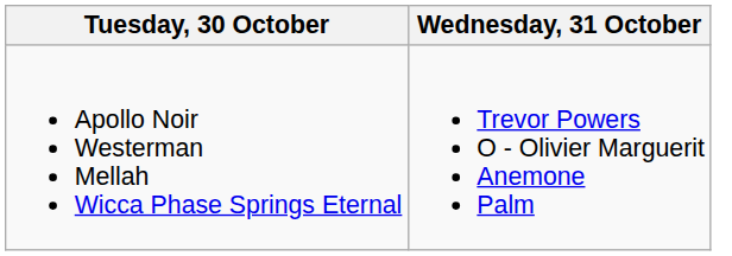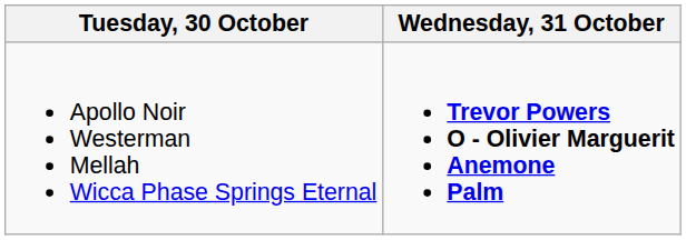 <table class="wikitable">
 <tr>
 <th>Tuesday, 30 October</th>
 <th>Wednesday, 31 October</th>
 </tr>
 <tr valign="top">
 <td><br><ul><li>Apollo Noir</li><li>Westerman</li><li>Mellah</li><li><a href='#'>Wicca Phase Springs Eternal</a></li></ul></td>
-<td><br><ul><li><a href='#'>Trevor Powers</a></li><li>O - Olivier Marguerit</li><li><a href='#'>Anemone</a></li><li><a href='#'>Palm</a></li></ul></td>
+<td><strong><br><ul><li><a href='#'>Trevor Powers</a></li><li>O - Olivier Marguerit</li><li><a href='#'>Anemone</a></li><li><a href='#'>Palm</a></li></ul></strong></td>
 </tr>
 </table>
